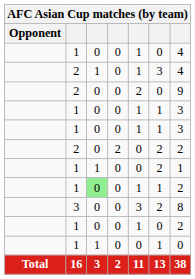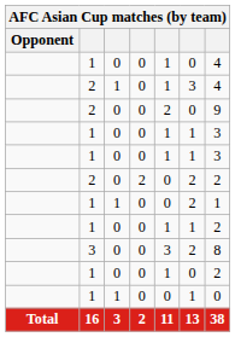 <table class="wikitable sortable" style="text-align: center;">
 <tr>
 <th colspan=7>AFC Asian Cup matches (by team)</th>
 </tr>
 <tr>
 <th>Opponent</th>
 <th style="width:20px;"></th>
 <th style="width:20px;"></th>
 <th style="width:20px;"></th>
 <th style="width:20px;"></th>
 <th style="width:20px;"></th>
 <th style="width:20px;"></th>
 </tr>
 <tr>
 <td align="left"></td>
 <td>1</td>
 <td>0</td>
 <td>0</td>
 <td>1</td>
 <td>0</td>
 <td>4</td>
 </tr>
 <tr>
 <td align="left"></td>
 <td>2</td>
 <td>1</td>
 <td>0</td>
 <td>1</td>
 <td>3</td>
 <td>4</td>
 </tr>
 <tr>
 <td align="left"></td>
 <td>2</td>
 <td>0</td>
 <td>0</td>
 <td>2</td>
 <td>0</td>
 <td>9</td>
 </tr>
 <tr>
 <td align="left"></td>
 <td>1</td>
 <td>0</td>
 <td>0</td>
 <td>1</td>
 <td>1</td>
 <td>3</td>
 </tr>
 <tr>
 <td align="left"></td>
 <td>1</td>
 <td>0</td>
 <td>0</td>
 <td>1</td>
 <td>1</td>
 <td>3</td>
 </tr>
 <tr>
 <td align="left"></td>
 <td>2</td>
 <td>0</td>
 <td>2</td>
 <td>0</td>
 <td>2</td>
 <td>2</td>
 </tr>
 <tr>
 <td align="left"></td>
 <td>1</td>
 <td>1</td>
 <td>0</td>
 <td>0</td>
 <td>2</td>
 <td>1</td>
 </tr>
 <tr>
 <td align="left"></td>
 <td>1</td>
-<td style="background: lightgreen;">0</td>
+<td>0</td>
 <td>0</td>
 <td>1</td>
 <td>1</td>
 <td>2</td>
 </tr>
 <tr>
 <td align="left"></td>
 <td>3</td>
 <td>0</td>
 <td>0</td>
 <td>3</td>
 <td>2</td>
 <td>8</td>
 </tr>
 <tr>
 <td align="left"></td>
 <td>1</td>
 <td>0</td>
 <td>0</td>
 <td>1</td>
 <td>0</td>
 <td>2</td>
 </tr>
 <tr>
 <td align="left"></td>
 <td>1</td>
 <td>1</td>
 <td>0</td>
 <td>0</td>
 <td>1</td>
 <td>0</td>
 </tr>
 <tr>
 <td colspan=1 style="background: #DB2019; color: #FFFFFF;"><strong>Total</strong></td>
 <td style="background: #DB2019; color: #FFFFFF;"><strong>16</strong></td>
 <td style="background: #DB2019; color: #FFFFFF;"><strong>3</strong></td>
 <td style="background: #DB2019; color: #FFFFFF;"><strong>2</strong></td>
 <td style="background: #DB2019; color: #FFFFFF;"><strong>11</strong></td>
 <td style="background: #DB2019; color: #FFFFFF;"><strong>13</strong></td>
 <td style="background: #DB2019; color: #FFFFFF;"><strong>38</strong></td>
 </tr>
 </table>
